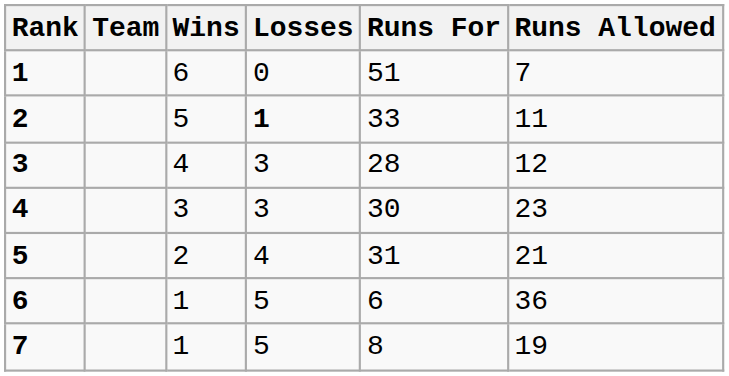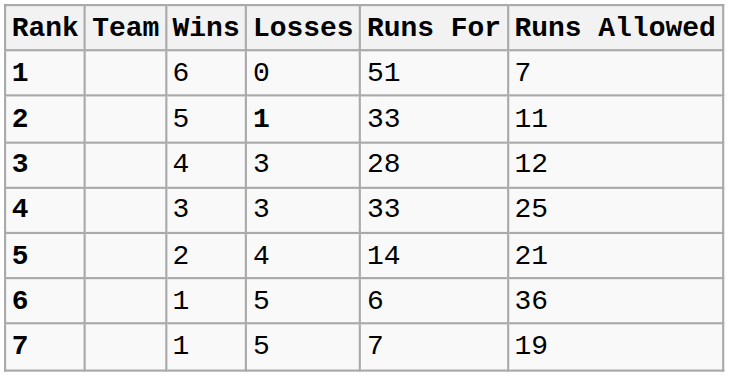 <table class="wikitable">
 <tr>
 <th>Rank</th>
 <th>Team</th>
 <th>Wins</th>
 <th>Losses</th>
 <th>Runs For</th>
 <th>Runs Allowed</th>
 </tr>
 <tr>
 <td><strong>1</strong></td>
 <td></td>
 <td>6</td>
 <td>0</td>
 <td>51</td>
 <td>7</td>
 </tr>
 <tr>
 <td><strong>2</strong></td>
 <td></td>
 <td>5</td>
 <td><strong>1</strong></td>
 <td>33</td>
 <td>11</td>
 </tr>
 <tr>
 <td><strong>3</strong></td>
 <td></td>
 <td>4</td>
 <td>3</td>
 <td>28</td>
 <td>12</td>
 </tr>
 <tr>
 <td><strong>4</strong></td>
 <td></td>
 <td>3</td>
 <td>3</td>
-<td>30</td>
-<td>23</td>
+<td>33</td>
+<td>25</td>
 </tr>
 <tr>
 <td><strong>5</strong></td>
 <td></td>
 <td>2</td>
 <td>4</td>
-<td>31</td>
+<td>14</td>
 <td>21</td>
 </tr>
 <tr>
 <td><strong>6</strong></td>
 <td></td>
 <td>1</td>
 <td>5</td>
 <td>6</td>
 <td>36</td>
 </tr>
 <tr>
 <td><strong>7</strong></td>
 <td></td>
 <td>1</td>
 <td>5</td>
-<td>8</td>
+<td>7</td>
 <td>19</td>
 </tr>
 </table>
